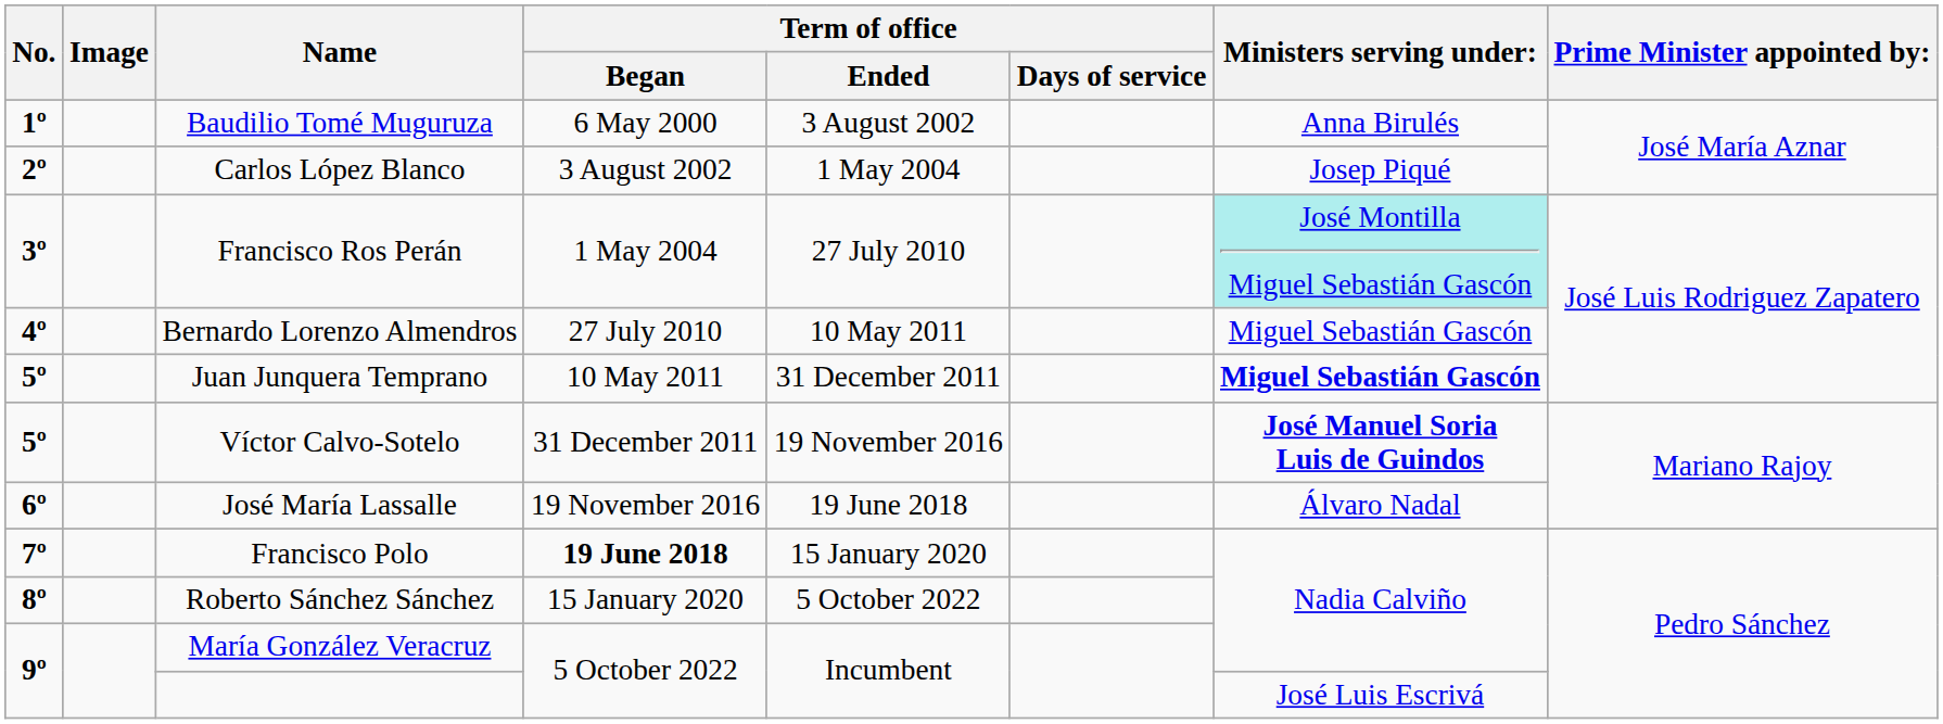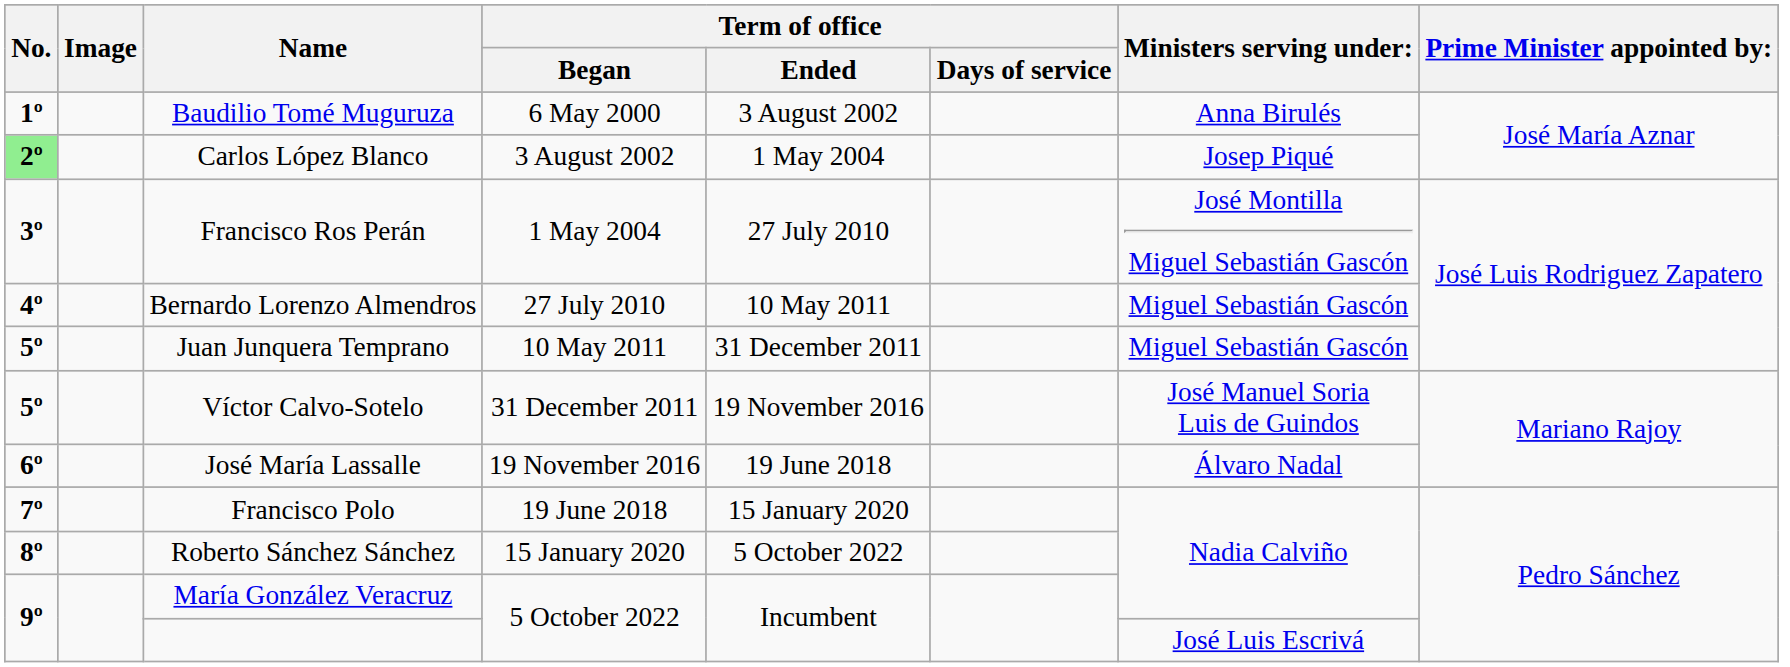 <table class="wikitable sortable" style="clear:right; text-align:center">
 <tr>
 <th rowspan="2">No.</th>
 <th rowspan="2">Image</th>
 <th rowspan="2">Name</th>
 <th colspan="3">Term of office</th>
 <th rowspan="2">Ministers serving under:</th>
 <th rowspan="2"><a href='#'>Prime Minister</a> appointed by:</th>
 </tr>
 <tr>
 <th>Began</th>
 <th>Ended</th>
 <th>Days of service</th>
 </tr>
 <tr>
 <td><strong>1º</strong></td>
 <td></td>
 <td><a href='#'>Baudilio Tomé Muguruza</a></td>
 <td>6 May 2000</td>
 <td>3 August 2002</td>
 <td></td>
 <td><a href='#'>Anna Birulés</a></td>
 <td rowspan="2"><a href='#'>José María Aznar</a></td>
 </tr>
 <tr>
-<td><strong>2º</strong></td>
+<td style="background: lightgreen;"><strong>2º</strong></td>
 <td></td>
 <td>Carlos López Blanco</td>
 <td>3 August 2002</td>
 <td>1 May 2004</td>
 <td></td>
 <td><a href='#'>Josep Piqué</a></td>
 </tr>
 <tr>
 <td><strong>3º</strong></td>
 <td></td>
 <td>Francisco Ros Perán</td>
 <td>1 May 2004</td>
 <td>27 July 2010</td>
 <td></td>
-<td style="background: paleturquoise;"><a href='#'>José Montilla</a><hr><a href='#'>Miguel Sebastián Gascón</a></td>
+<td><a href='#'>José Montilla</a><hr><a href='#'>Miguel Sebastián Gascón</a></td>
 <td rowspan="3"><a href='#'>José Luis Rodriguez Zapatero</a></td>
 </tr>
 <tr>
 <td><strong>4º</strong></td>
 <td></td>
 <td>Bernardo Lorenzo Almendros</td>
 <td>27 July 2010</td>
 <td>10 May 2011</td>
 <td></td>
 <td><a href='#'>Miguel Sebastián Gascón</a></td>
 </tr>
 <tr>
 <td><strong>5º</strong></td>
 <td></td>
 <td>Juan Junquera Temprano</td>
 <td>10 May 2011</td>
 <td>31 December 2011</td>
 <td></td>
-<td><strong><a href='#'>Miguel Sebastián Gascón</a></strong></td>
+<td><a href='#'>Miguel Sebastián Gascón</a></td>
 </tr>
 <tr>
 <td><strong>5º</strong></td>
 <td></td>
 <td>Víctor Calvo-Sotelo</td>
 <td>31 December 2011</td>
 <td>19 November 2016</td>
 <td></td>
-<td><strong><a href='#'>José Manuel Soria</a><br><a href='#'>Luis de Guindos</a></strong></td>
+<td><a href='#'>José Manuel Soria</a><br><a href='#'>Luis de Guindos</a></td>
 <td rowspan="2"><a href='#'>Mariano Rajoy</a></td>
 </tr>
 <tr>
 <td><strong>6º</strong></td>
 <td></td>
 <td>José María Lassalle</td>
 <td>19 November 2016</td>
 <td>19 June 2018</td>
 <td></td>
 <td><a href='#'>Álvaro Nadal</a></td>
 </tr>
 <tr>
 <td><strong>7º</strong></td>
 <td></td>
 <td>Francisco Polo</td>
-<td><strong>19 June 2018</strong></td>
+<td>19 June 2018</td>
 <td>15 January 2020</td>
 <td></td>
 <td rowspan="3"><a href='#'>Nadia Calviño</a></td>
 <td rowspan="4"><a href='#'>Pedro Sánchez</a></td>
 </tr>
 <tr>
 <td><strong>8º</strong></td>
 <td></td>
 <td>Roberto Sánchez Sánchez</td>
 <td>15 January 2020</td>
 <td>5 October 2022</td>
 <td></td>
 </tr>
 <tr>
 <td rowspan="2"><strong>9º</strong></td>
 <td rowspan="2"></td>
 <td><a href='#'>María González Veracruz</a></td>
 <td rowspan="2">5 October 2022</td>
 <td rowspan="2">Incumbent</td>
 <td rowspan="2"></td>
 </tr>
 <tr>
 <td></td>
 <td><a href='#'>José Luis Escrivá</a></td>
 </tr>
 </table>
